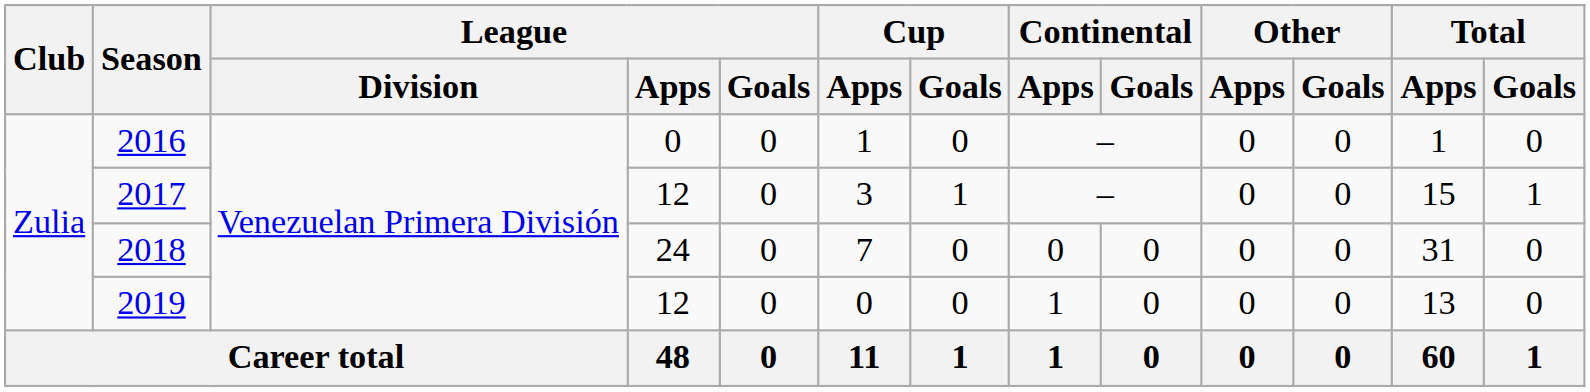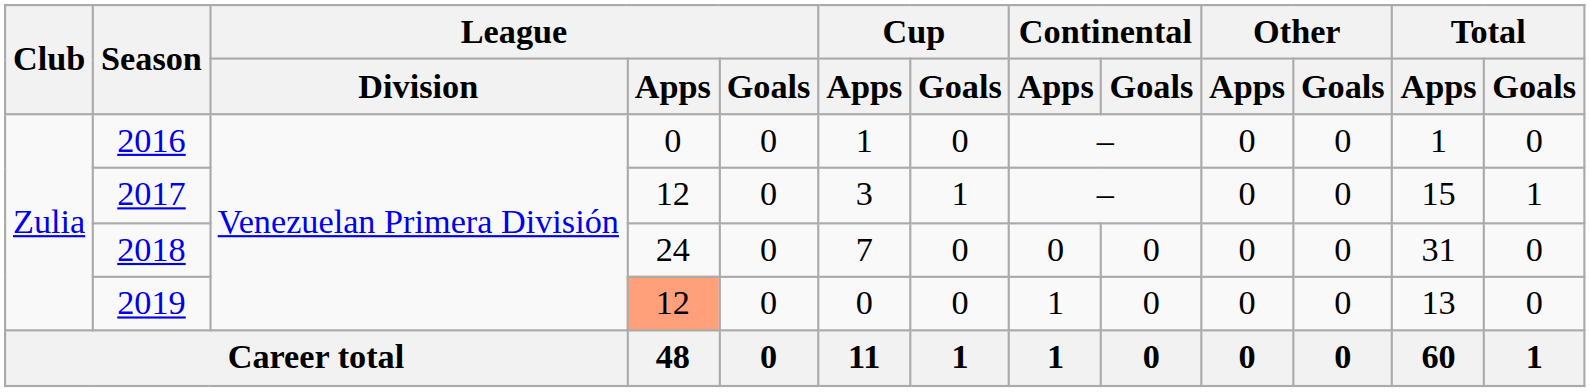 <table class="wikitable" style="text-align: center">
 <tr>
 <th rowspan="2">Club</th>
 <th rowspan="2">Season</th>
 <th colspan="3">League</th>
 <th colspan="2">Cup</th>
 <th colspan="2">Continental</th>
 <th colspan="2">Other</th>
 <th colspan="2">Total</th>
 </tr>
 <tr>
 <th>Division</th>
 <th>Apps</th>
 <th>Goals</th>
 <th>Apps</th>
 <th>Goals</th>
 <th>Apps</th>
 <th>Goals</th>
 <th>Apps</th>
 <th>Goals</th>
 <th>Apps</th>
 <th>Goals</th>
 </tr>
 <tr>
 <td rowspan="4"><a href='#'>Zulia</a></td>
 <td><a href='#'>2016</a></td>
 <td rowspan="4"><a href='#'>Venezuelan Primera División</a></td>
 <td>0</td>
 <td>0</td>
 <td>1</td>
 <td>0</td>
 <td colspan="2">–</td>
 <td>0</td>
 <td>0</td>
 <td>1</td>
 <td>0</td>
 </tr>
 <tr>
 <td><a href='#'>2017</a></td>
 <td>12</td>
 <td>0</td>
 <td>3</td>
 <td>1</td>
 <td colspan="2">–</td>
 <td>0</td>
 <td>0</td>
 <td>15</td>
 <td>1</td>
 </tr>
 <tr>
 <td><a href='#'>2018</a></td>
 <td>24</td>
 <td>0</td>
 <td>7</td>
 <td>0</td>
 <td>0</td>
 <td>0</td>
 <td>0</td>
 <td>0</td>
 <td>31</td>
 <td>0</td>
 </tr>
 <tr>
 <td><a href='#'>2019</a></td>
-<td>12</td>
+<td style="background: lightsalmon;">12</td>
 <td>0</td>
 <td>0</td>
 <td>0</td>
 <td>1</td>
 <td>0</td>
 <td>0</td>
 <td>0</td>
 <td>13</td>
 <td>0</td>
 </tr>
 <tr>
 <th colspan="3"><strong>Career total</strong></th>
 <th>48</th>
 <th>0</th>
 <th>11</th>
 <th>1</th>
 <th>1</th>
 <th>0</th>
 <th>0</th>
 <th>0</th>
 <th>60</th>
 <th>1</th>
 </tr>
 </table>
